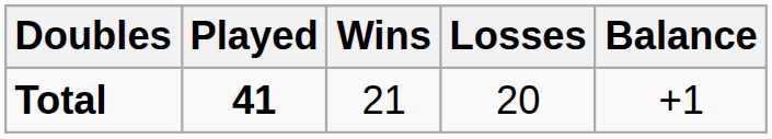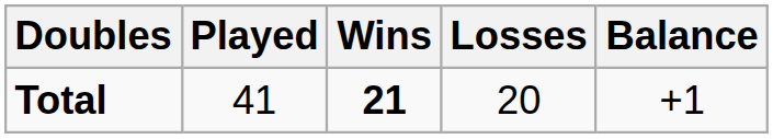 <table class="wikitable" style="text-align:center">
 <tr>
 <th>Doubles</th>
 <th>Played</th>
 <th>Wins</th>
 <th>Losses</th>
 <th>Balance</th>
 </tr>
 <tr>
 <td align=left><strong>Total<strong><em></td>
-<td><strong>41</strong></td>
-<td>21</td>
+<td>41</td>
+<td><strong>21</strong></td>
 <td>20</td>
 <td></strong>+1<strong></td>
 </tr>
 </table>
